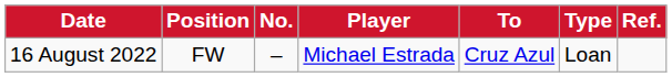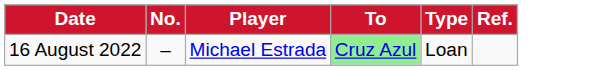 <table class="wikitable plainrowheaders sortable">
 <tr>
 <th style="background:#CF152D; color:#FFFFFF; ">Date</th>
-<th style="background:#CF152D; color:#FFFFFF; ">Position</th>
 <th style="background:#CF152D; color:#FFFFFF; ">No.</th>
 <th style="background:#CF152D; color:#FFFFFF; ">Player</th>
 <th style="background:#CF152D; color:#FFFFFF; ">To</th>
 <th style="background:#CF152D; color:#FFFFFF; ">Type</th>
 <th style="background:#CF152D; color:#FFFFFF; ">Ref.</th>
 </tr>
 <tr>
 <td>16 August 2022</td>
-<td style="text-align:center;">FW</td>
 <td style="text-align:center;">–</td>
 <td style="text-align:left;"> <a href='#'>Michael Estrada</a></td>
-<td style="text-align:left;"> <a href='#'>Cruz Azul</a></td>
+<td style="background: lightgreen; text-align:left;"> <a href='#'>Cruz Azul</a></td>
 <td>Loan</td>
 <td></td>
 </tr>
 </table>
